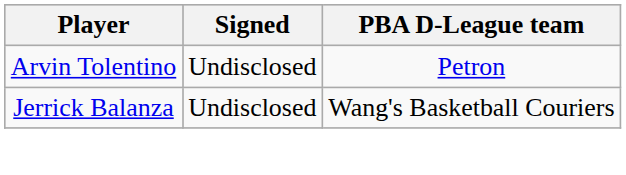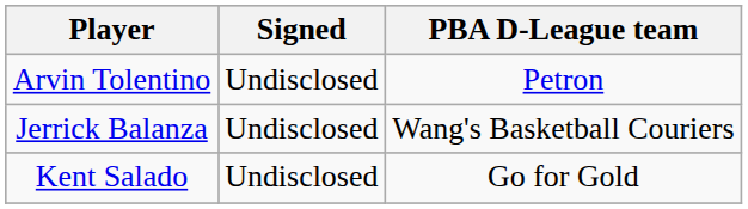 <table class="wikitable sortable sortable">
 <tr>
 <th>Player</th>
 <th>Signed</th>
 <th>PBA D-League team</th>
 </tr>
 <tr style="text-align: center">
 <td><a href='#'>Arvin Tolentino</a></td>
 <td>Undisclosed</td>
 <td><a href='#'>Petron</a></td>
 </tr>
 <tr style="text-align: center">
 <td><a href='#'>Jerrick Balanza</a></td>
 <td>Undisclosed</td>
 <td>Wang's Basketball Couriers</td>
 </tr>
+<tr style="text-align: center">
+<td><a href='#'>Kent Salado</a></td>
+<td>Undisclosed</td>
+<td>Go for Gold</td>
+</tr>
 </table>
